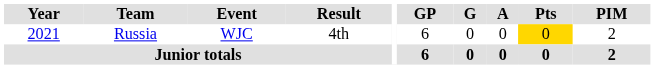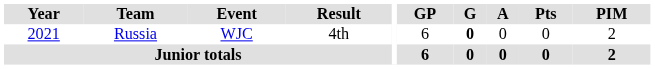 <table border="0" cellpadding="1" cellspacing="0" ID="Table3" style="text-align:center; width:40em">
 <tr ALIGN="center" bgcolor="#e0e0e0">
 <th>Year</th>
 <th>Team</th>
 <th>Event</th>
 <th>Result</th>
 <th rowspan="99" bgcolor="#ffffff"></th>
 <th>GP</th>
 <th>G</th>
 <th>A</th>
 <th>Pts</th>
 <th>PIM</th>
 </tr>
 <tr>
 <td><a href='#'>2021</a></td>
 <td><a href='#'>Russia</a></td>
 <td><a href='#'>WJC</a></td>
 <td>4th</td>
 <td>6</td>
+<td><strong>0</strong></td>
 <td>0</td>
 <td>0</td>
-<td style="background: gold;">0</td>
 <td>2</td>
 </tr>
 <tr ALIGN="center" bgcolor="#e0e0e0">
 <th colspan=4>Junior totals</th>
 <th>6</th>
 <th>0</th>
 <th>0</th>
 <th>0</th>
 <th>2</th>
 </tr>
 </table>
